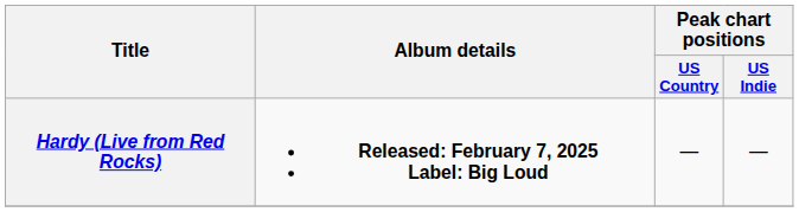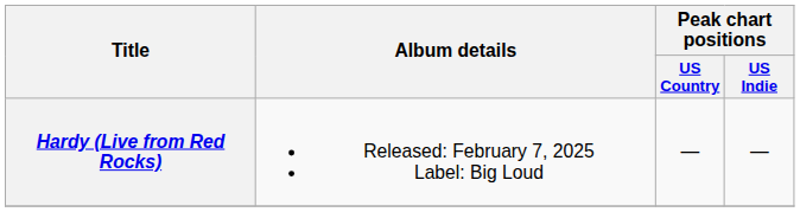 <table class="wikitable plainrowheaders" style="text-align:center;">
 <tr>
 <th rowspan="2" style="width:13em;">Title</th>
 <th rowspan="2" style="width:21em;">Album details</th>
 <th colspan="2">Peak chart positions</th>
 </tr>
 <tr style="font-size:smaller;">
 <th style="width:4em;"><a href='#'>US Country</a><br></th>
 <th style="width:4em;"><a href='#'>US<br>Indie</a><br></th>
 </tr>
 <tr>
 <th scope="row"><em><a href='#'>Hardy (Live from Red Rocks)</a></em></th>
-<td><strong><br><ul><li>Released: February 7, 2025</li><li>Label: Big Loud</li></ul></strong></td>
+<td><br><ul><li>Released: February 7, 2025</li><li>Label: Big Loud</li></ul></td>
 <td>—</td>
 <td>—</td>
 </tr>
 <tr>
 </tr>
 </table>
